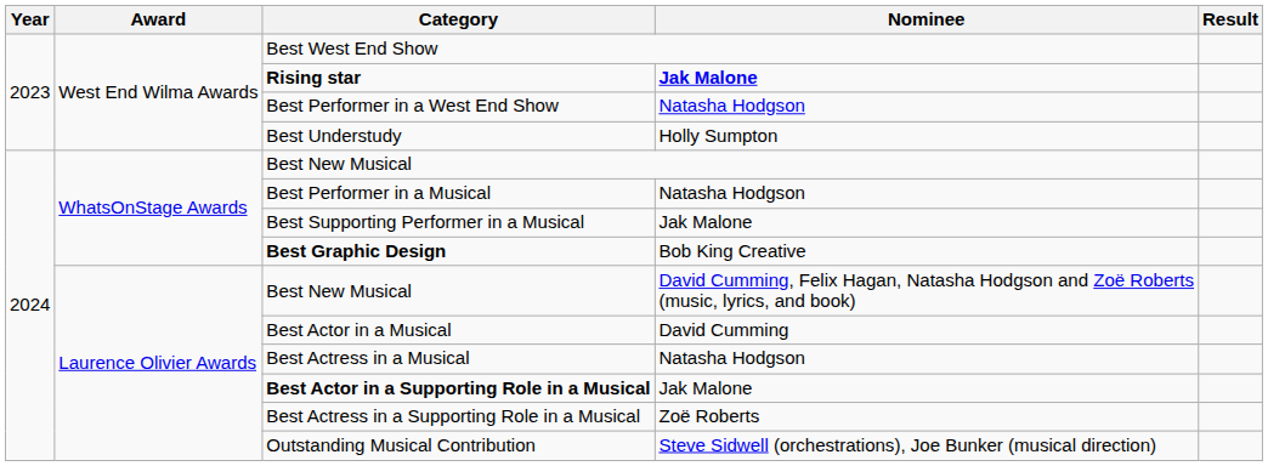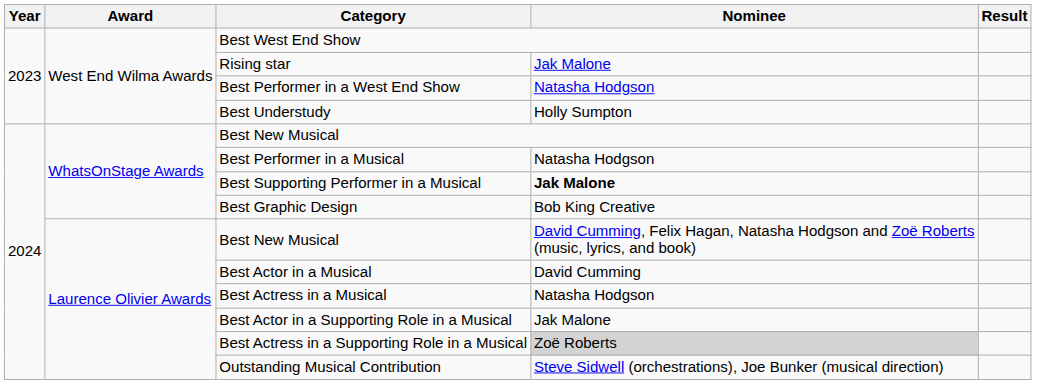 <table class="wikitable">
 <tr>
 <th>Year</th>
 <th>Award</th>
 <th>Category</th>
 <th>Nominee</th>
 <th>Result</th>
 </tr>
 <tr>
 <td rowspan="4" align="center">2023</td>
 <td rowspan="4">West End Wilma Awards</td>
 <td colspan="2">Best West End Show</td>
 <td></td>
 </tr>
 <tr>
-<td><strong>Rising star</strong></td>
-<td><strong><a href='#'>Jak Malone</a></strong></td>
+<td>Rising star</td>
+<td><a href='#'>Jak Malone</a></td>
 <td></td>
 </tr>
 <tr>
 <td>Best Performer in a West End Show</td>
 <td><a href='#'>Natasha Hodgson</a></td>
 <td></td>
 </tr>
 <tr>
 <td>Best Understudy</td>
 <td>Holly Sumpton</td>
 <td></td>
 </tr>
 <tr>
 <td rowspan="10" align="center">2024</td>
 <td rowspan="4"><a href='#'>WhatsOnStage Awards</a></td>
 <td colspan="2">Best New Musical</td>
 <td></td>
 </tr>
 <tr>
 <td>Best Performer in a Musical</td>
 <td>Natasha Hodgson</td>
 <td></td>
 </tr>
 <tr>
 <td>Best Supporting Performer in a Musical</td>
-<td>Jak Malone</td>
+<td><strong>Jak Malone</strong></td>
 <td></td>
 </tr>
 <tr>
-<td><strong>Best Graphic Design</strong></td>
+<td>Best Graphic Design</td>
 <td>Bob King Creative</td>
 <td></td>
 </tr>
 <tr>
 <td rowspan="6"><a href='#'>Laurence Olivier Awards</a></td>
 <td>Best New Musical</td>
 <td><a href='#'>David Cumming</a>, Felix Hagan, Natasha Hodgson and <a href='#'>Zoë Roberts</a><br>(music, lyrics, and book)</td>
 <td></td>
 </tr>
 <tr>
 <td>Best Actor in a Musical</td>
 <td>David Cumming</td>
 <td></td>
 </tr>
 <tr>
 <td>Best Actress in a Musical</td>
 <td>Natasha Hodgson</td>
 <td></td>
 </tr>
 <tr>
-<td><strong>Best Actor in a Supporting Role in a Musical</strong></td>
+<td>Best Actor in a Supporting Role in a Musical</td>
 <td>Jak Malone</td>
 <td></td>
 </tr>
 <tr>
 <td>Best Actress in a Supporting Role in a Musical</td>
-<td>Zoë Roberts</td>
+<td style="background: lightgrey;">Zoë Roberts</td>
 <td></td>
 </tr>
 <tr>
 <td>Outstanding Musical Contribution</td>
 <td><a href='#'>Steve Sidwell</a> (orchestrations), Joe Bunker (musical direction)</td>
 <td></td>
 </tr>
 </table>
